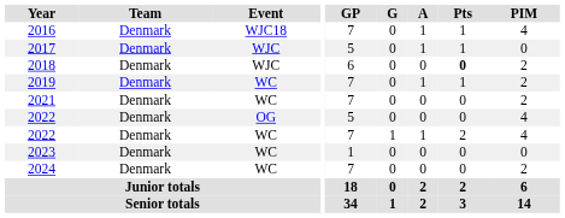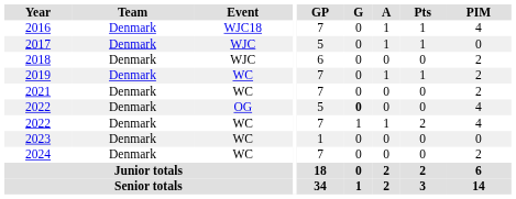 <table border="0" cellpadding="1" cellspacing="0" ID="Table3" style="text-align:center; width:40em">
 <tr ALIGN="center" bgcolor="#e0e0e0">
 <th>Year</th>
 <th>Team</th>
 <th>Event</th>
 <th rowspan="99" bgcolor="#ffffff"></th>
 <th>GP</th>
 <th>G</th>
 <th>A</th>
 <th>Pts</th>
 <th>PIM</th>
 </tr>
 <tr>
 <td><a href='#'>2016</a></td>
 <td><a href='#'>Denmark</a></td>
 <td><a href='#'>WJC18</a></td>
 <td>7</td>
 <td>0</td>
 <td>1</td>
 <td>1</td>
 <td>4</td>
 </tr>
 <tr bgcolor="#f0f0f0">
 <td><a href='#'>2017</a></td>
 <td><a href='#'>Denmark</a></td>
 <td><a href='#'>WJC</a></td>
 <td>5</td>
 <td>0</td>
 <td>1</td>
 <td>1</td>
 <td>0</td>
 </tr>
 <tr>
 <td><a href='#'>2018</a></td>
 <td>Denmark</td>
 <td>WJC</td>
 <td>6</td>
 <td>0</td>
 <td>0</td>
-<td><strong>0</strong></td>
+<td>0</td>
 <td>2</td>
 </tr>
 <tr bgcolor="#f0f0f0">
 <td><a href='#'>2019</a></td>
 <td><a href='#'>Denmark</a></td>
 <td><a href='#'>WC</a></td>
 <td>7</td>
 <td>0</td>
 <td>1</td>
 <td>1</td>
 <td>2</td>
 </tr>
 <tr>
 <td><a href='#'>2021</a></td>
 <td>Denmark</td>
 <td>WC</td>
 <td>7</td>
 <td>0</td>
 <td>0</td>
 <td>0</td>
 <td>2</td>
 </tr>
 <tr bgcolor="#f0f0f0">
 <td><a href='#'>2022</a></td>
 <td>Denmark</td>
 <td><a href='#'>OG</a></td>
 <td>5</td>
-<td>0</td>
+<td><strong>0</strong></td>
 <td>0</td>
 <td>0</td>
 <td>4</td>
 </tr>
 <tr>
 <td><a href='#'>2022</a></td>
 <td>Denmark</td>
 <td>WC</td>
 <td>7</td>
 <td>1</td>
 <td>1</td>
 <td>2</td>
 <td>4</td>
 </tr>
 <tr bgcolor="#f0f0f0">
 <td><a href='#'>2023</a></td>
 <td>Denmark</td>
 <td>WC</td>
 <td>1</td>
 <td>0</td>
 <td>0</td>
 <td>0</td>
 <td>0</td>
 </tr>
 <tr>
 <td><a href='#'>2024</a></td>
 <td>Denmark</td>
 <td>WC</td>
 <td>7</td>
 <td>0</td>
 <td>0</td>
 <td>0</td>
 <td>2</td>
 </tr>
 <tr bgcolor="#e0e0e0">
 <th colspan="3">Junior totals</th>
 <th>18</th>
 <th>0</th>
 <th>2</th>
 <th>2</th>
 <th>6</th>
 </tr>
 <tr bgcolor="#e0e0e0">
 <th colspan="3">Senior totals</th>
 <th>34</th>
 <th>1</th>
 <th>2</th>
 <th>3</th>
 <th>14</th>
 </tr>
 </table>
